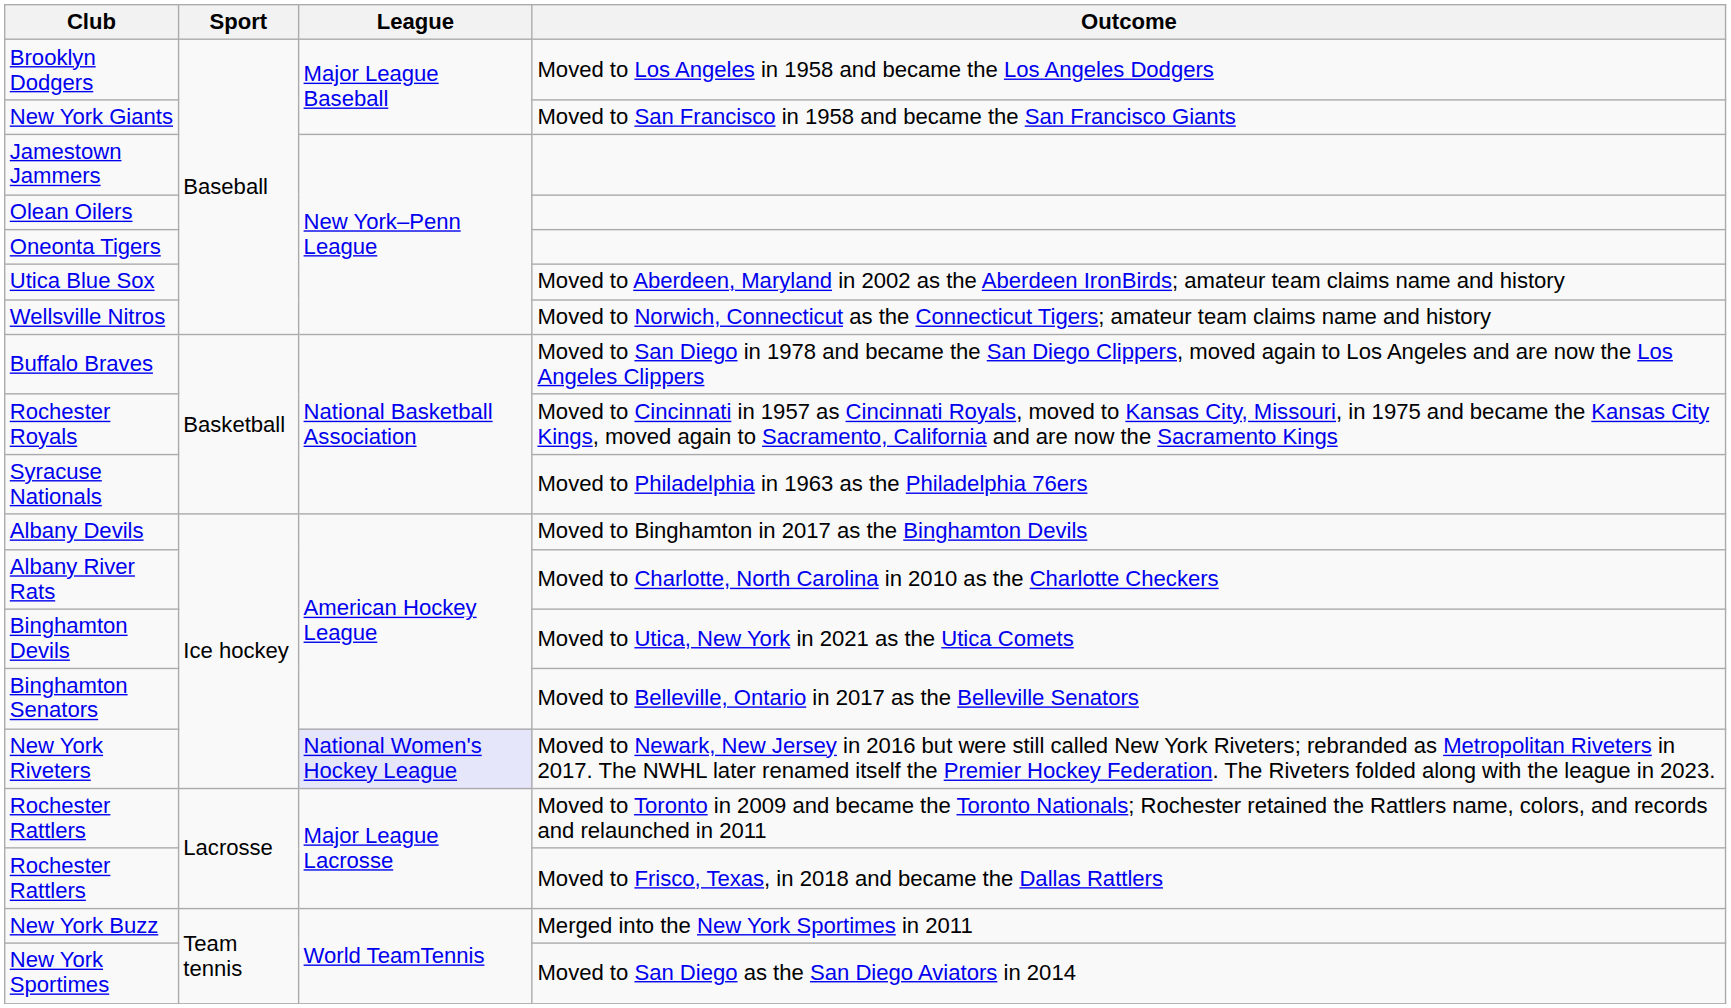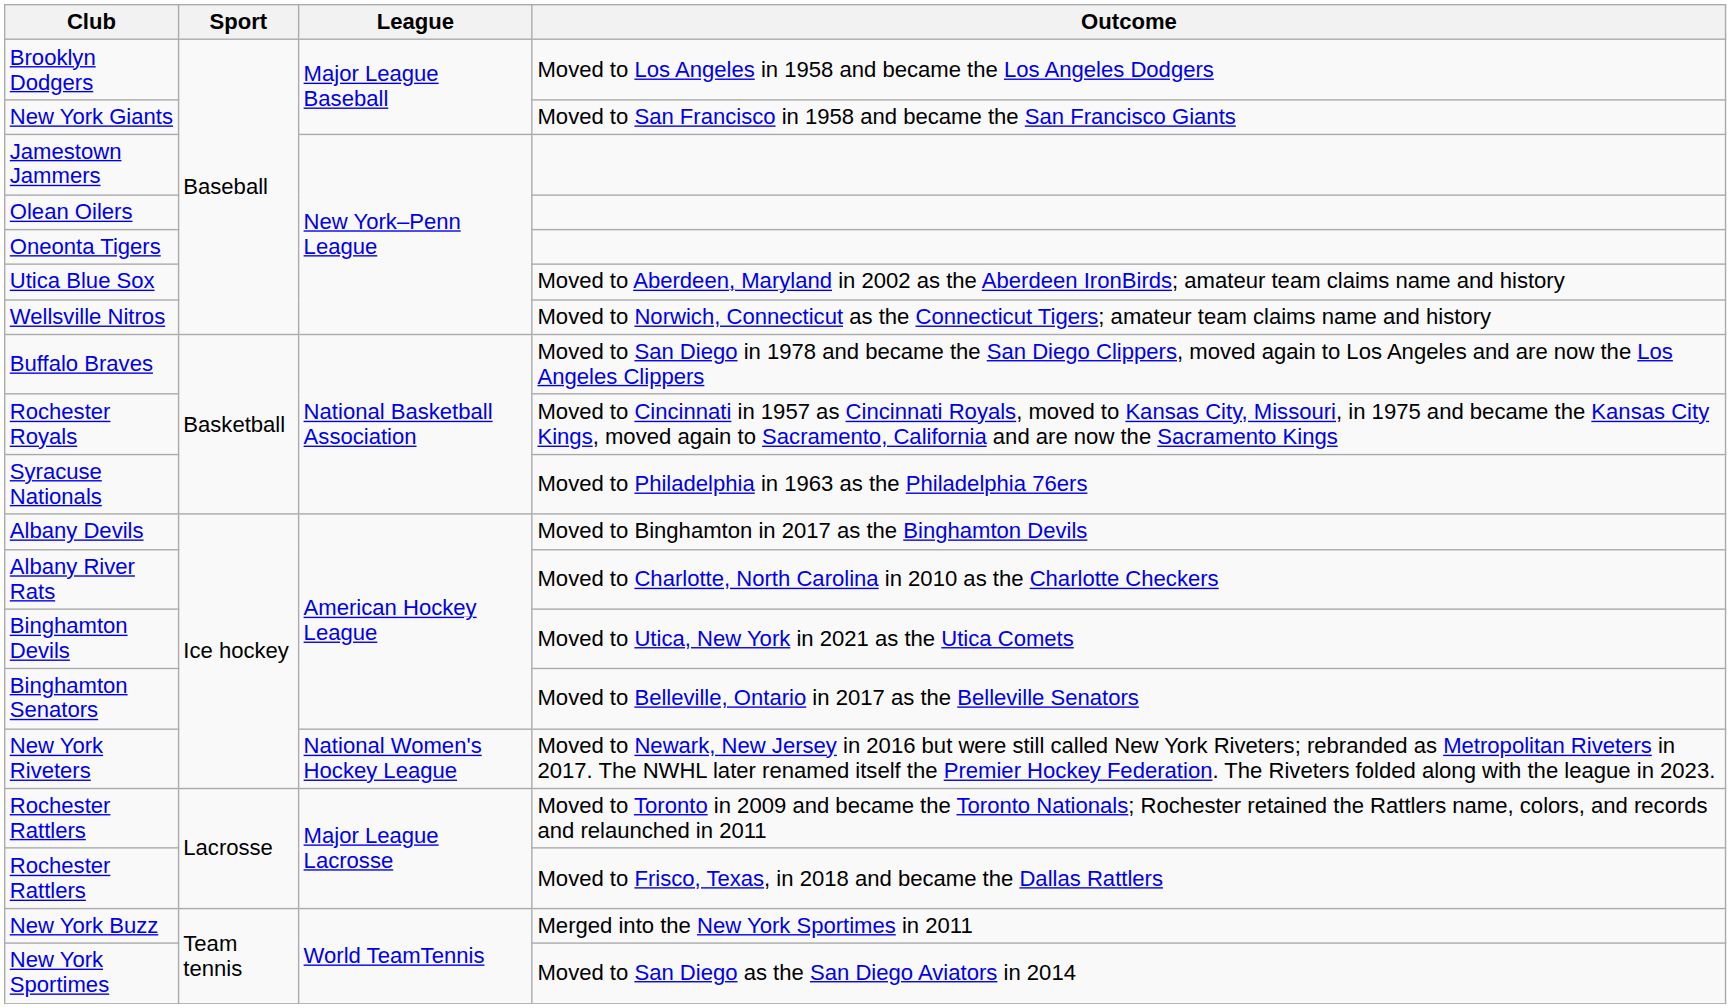 <table class="wikitable sortable">
 <tr>
 <th>Club</th>
 <th>Sport</th>
 <th>League</th>
 <th>Outcome</th>
 </tr>
 <tr>
 <td><a href='#'>Brooklyn Dodgers</a></td>
 <td rowspan="7">Baseball</td>
 <td rowspan="2"><a href='#'>Major League Baseball</a></td>
 <td>Moved to <a href='#'>Los Angeles</a> in 1958 and became the <a href='#'>Los Angeles Dodgers</a></td>
 </tr>
 <tr>
 <td><a href='#'>New York Giants</a></td>
 <td>Moved to <a href='#'>San Francisco</a> in 1958 and became the <a href='#'>San Francisco Giants</a></td>
 </tr>
 <tr>
 <td><a href='#'>Jamestown Jammers</a></td>
 <td rowspan="5"><a href='#'>New York–Penn League</a></td>
 <td></td>
 </tr>
 <tr>
 <td><a href='#'>Olean Oilers</a></td>
 <td></td>
 </tr>
 <tr>
 <td><a href='#'>Oneonta Tigers</a></td>
 <td></td>
 </tr>
 <tr>
 <td><a href='#'>Utica Blue Sox</a></td>
 <td>Moved to <a href='#'>Aberdeen, Maryland</a> in 2002 as the <a href='#'>Aberdeen IronBirds</a>; amateur team claims name and history</td>
 </tr>
 <tr>
 <td><a href='#'>Wellsville Nitros</a></td>
 <td>Moved to <a href='#'>Norwich, Connecticut</a> as the <a href='#'>Connecticut Tigers</a>; amateur team claims name and history</td>
 </tr>
 <tr>
 <td><a href='#'>Buffalo Braves</a></td>
 <td rowspan="3">Basketball</td>
 <td rowspan="3"><a href='#'>National Basketball Association</a></td>
 <td>Moved to <a href='#'>San Diego</a> in 1978 and became the <a href='#'>San Diego Clippers</a>, moved again to Los Angeles and are now the <a href='#'>Los Angeles Clippers</a></td>
 </tr>
 <tr>
 <td><a href='#'>Rochester Royals</a></td>
 <td>Moved to <a href='#'>Cincinnati</a> in 1957 as <a href='#'>Cincinnati Royals</a>, moved to <a href='#'>Kansas City, Missouri</a>, in 1975 and became the <a href='#'>Kansas City Kings</a>, moved again to <a href='#'>Sacramento, California</a> and are now the <a href='#'>Sacramento Kings</a></td>
 </tr>
 <tr>
 <td><a href='#'>Syracuse Nationals</a></td>
 <td>Moved to <a href='#'>Philadelphia</a> in 1963 as the <a href='#'>Philadelphia 76ers</a></td>
 </tr>
 <tr>
 <td><a href='#'>Albany Devils</a></td>
 <td rowspan="5">Ice hockey</td>
 <td rowspan="4"><a href='#'>American Hockey League</a></td>
 <td>Moved to Binghamton in 2017 as the <a href='#'>Binghamton Devils</a></td>
 </tr>
 <tr>
 <td><a href='#'>Albany River Rats</a></td>
 <td>Moved to <a href='#'>Charlotte, North Carolina</a> in 2010 as the <a href='#'>Charlotte Checkers</a></td>
 </tr>
 <tr>
 <td><a href='#'>Binghamton Devils</a></td>
 <td>Moved to <a href='#'>Utica, New York</a> in 2021 as the <a href='#'>Utica Comets</a></td>
 </tr>
 <tr>
 <td><a href='#'>Binghamton Senators</a></td>
 <td>Moved to <a href='#'>Belleville, Ontario</a> in 2017 as the <a href='#'>Belleville Senators</a></td>
 </tr>
 <tr>
 <td><a href='#'>New York Riveters</a></td>
-<td style="background: lavender;"><a href='#'>National Women's Hockey League</a></td>
+<td><a href='#'>National Women's Hockey League</a></td>
 <td>Moved to <a href='#'>Newark, New Jersey</a> in 2016 but were still called New York Riveters; rebranded as <a href='#'>Metropolitan Riveters</a> in 2017. The NWHL later renamed itself the <a href='#'>Premier Hockey Federation</a>. The Riveters folded along with the league in 2023.</td>
 </tr>
 <tr>
 <td><a href='#'>Rochester Rattlers</a></td>
 <td rowspan="2">Lacrosse</td>
 <td rowspan="2"><a href='#'>Major League Lacrosse</a></td>
 <td>Moved to <a href='#'>Toronto</a> in 2009 and became the <a href='#'>Toronto Nationals</a>; Rochester retained the Rattlers name, colors, and records and relaunched in 2011</td>
 </tr>
 <tr>
 <td><a href='#'>Rochester Rattlers</a></td>
 <td>Moved to <a href='#'>Frisco, Texas</a>, in 2018 and became the <a href='#'>Dallas Rattlers</a></td>
 </tr>
 <tr>
 <td><a href='#'>New York Buzz</a></td>
 <td rowspan="2">Team tennis</td>
 <td rowspan="2"><a href='#'>World TeamTennis</a></td>
 <td>Merged into the <a href='#'>New York Sportimes</a> in 2011</td>
 </tr>
 <tr>
 <td><a href='#'>New York Sportimes</a></td>
 <td>Moved to <a href='#'>San Diego</a> as the <a href='#'>San Diego Aviators</a> in 2014</td>
 </tr>
 </table>
